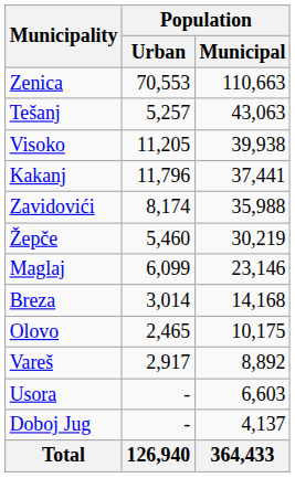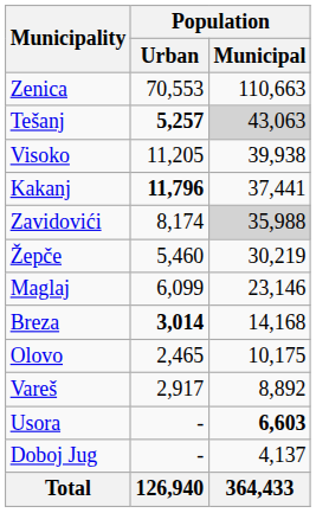 <table class="wikitable" style="text-align:center;" style="font-size: 85%">
 <tr>
 <th rowspan="2">Municipality</th>
 <th colspan="2">Population</th>
 </tr>
 <tr>
 <th>Urban</th>
 <th>Municipal</th>
 </tr>
 <tr>
 <td align="left"><a href='#'>Zenica</a></td>
 <td align="right">70,553</td>
 <td align="right">110,663</td>
 </tr>
 <tr>
 <td align="left"><a href='#'>Tešanj</a></td>
-<td align="right">5,257</td>
-<td align="right">43,063</td>
+<td align="right"><strong>5,257</strong></td>
+<td align="right" style="background: lightgrey;">43,063</td>
 </tr>
 <tr>
 <td align="left"><a href='#'>Visoko</a></td>
 <td align="right">11,205</td>
 <td align="right">39,938</td>
 </tr>
 <tr>
 <td align="left"><a href='#'>Kakanj</a></td>
-<td align="right">11,796</td>
+<td align="right"><strong>11,796</strong></td>
 <td align="right">37,441</td>
 </tr>
 <tr>
 <td align="left"><a href='#'>Zavidovići</a></td>
 <td align="right">8,174</td>
-<td align="right">35,988</td>
+<td align="right" style="background: lightgrey;">35,988</td>
 </tr>
 <tr>
 <td align="left"><a href='#'>Žepče</a></td>
 <td align="right">5,460</td>
 <td align="right">30,219</td>
 </tr>
 <tr>
 <td align="left"><a href='#'>Maglaj</a></td>
 <td align="right">6,099</td>
 <td align="right">23,146</td>
 </tr>
 <tr>
 <td align="left"><a href='#'>Breza</a></td>
-<td align="right">3,014</td>
+<td align="right"><strong>3,014</strong></td>
 <td align="right">14,168</td>
 </tr>
 <tr>
 <td align="left"><a href='#'>Olovo</a></td>
 <td align="right">2,465</td>
 <td align="right">10,175</td>
 </tr>
 <tr>
 <td align="left"><a href='#'>Vareš</a></td>
 <td align="right">2,917</td>
 <td align="right">8,892</td>
 </tr>
 <tr>
 <td align="left"><a href='#'>Usora</a></td>
 <td align="right">-</td>
-<td align="right">6,603</td>
+<td align="right"><strong>6,603</strong></td>
 </tr>
 <tr>
 <td align="left"><a href='#'>Doboj Jug</a></td>
 <td align="right">-</td>
 <td align="right">4,137</td>
 </tr>
 <tr class="sortbottom">
 <th>Total</th>
 <th>126,940</th>
 <th>364,433</th>
 </tr>
 </table>
